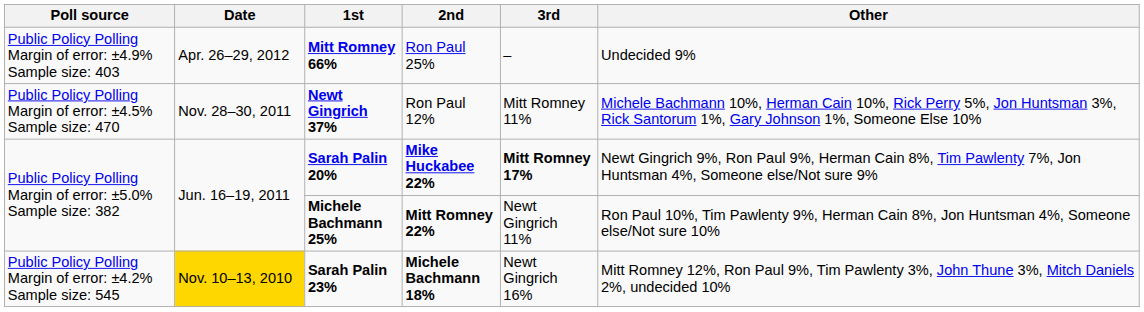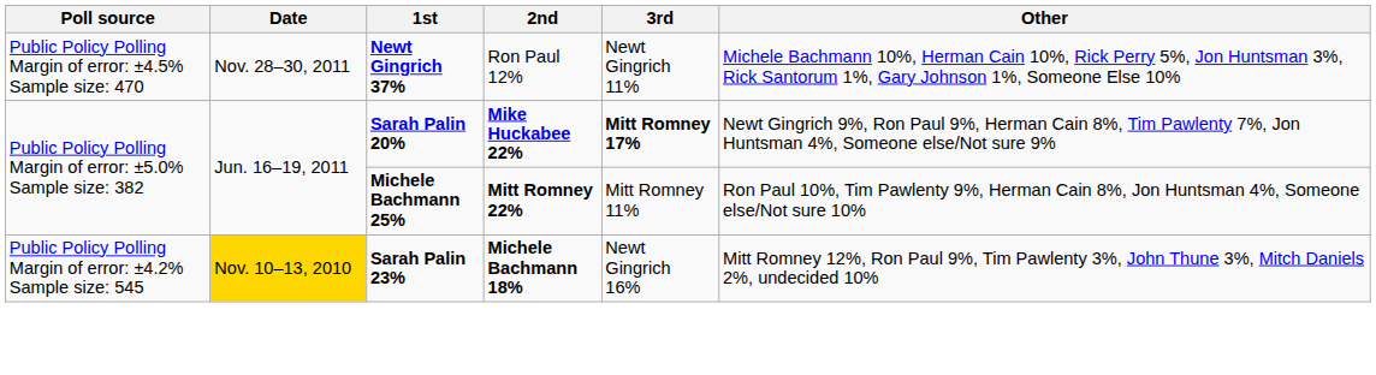 <table class="wikitable">
 <tr>
 <th style="width:180px;">Poll source</th>
 <th style="width:135px;">Date</th>
 <th style="width:100px;">1st</th>
 <th style="width:100px;">2nd</th>
 <th style="width:100px;">3rd</th>
 <th>Other</th>
 </tr>
 <tr>
-<td><a href='#'>Public Policy Polling</a><br>Margin of error: ±4.9% <br>Sample size: 403</td>
-<td>Apr. 26–29, 2012</td>
-<td><strong><a href='#'>Mitt Romney</a><br>66%</strong></td>
-<td><a href='#'>Ron Paul</a><br>25%</td>
-<td>–</td>
-<td>Undecided 9%</td>
-</tr>
-<tr>
 <td><a href='#'>Public Policy Polling</a><br>Margin of error: ±4.5% <br>Sample size: 470</td>
 <td>Nov. 28–30, 2011</td>
 <td><strong><a href='#'>Newt Gingrich</a><br>37%</strong></td>
 <td>Ron Paul<br>12%</td>
-<td>Mitt Romney<br>11%</td>
+<td>Newt Gingrich<br>11%</td>
 <td><a href='#'>Michele Bachmann</a> 10%, <a href='#'>Herman Cain</a> 10%, <a href='#'>Rick Perry</a> 5%, <a href='#'>Jon Huntsman</a> 3%, <a href='#'>Rick Santorum</a> 1%, <a href='#'>Gary Johnson</a> 1%, Someone Else 10%</td>
 </tr>
 <tr>
 <td rowspan=2><a href='#'>Public Policy Polling</a><br>Margin of error: ±5.0% <br>Sample size: 382</td>
 <td rowspan=2>Jun. 16–19, 2011</td>
 <td><strong><a href='#'>Sarah Palin</a><br>20%</strong></td>
 <td><strong><a href='#'>Mike Huckabee</a><br>22%</strong></td>
 <td><strong>Mitt Romney<br>17%</strong></td>
 <td>Newt Gingrich 9%, Ron Paul 9%, Herman Cain 8%, <a href='#'>Tim Pawlenty</a> 7%, Jon Huntsman 4%, Someone else/Not sure 9%</td>
 </tr>
 <tr>
 <td><strong>Michele Bachmann<br>25%</strong></td>
 <td><strong>Mitt Romney<br>22%</strong></td>
-<td>Newt Gingrich<br>11%</td>
+<td>Mitt Romney<br>11%</td>
 <td>Ron Paul 10%, Tim Pawlenty 9%, Herman Cain 8%, Jon Huntsman 4%, Someone else/Not sure 10%</td>
 </tr>
 <tr>
 <td><a href='#'>Public Policy Polling</a><br>Margin of error: ±4.2% <br>Sample size: 545</td>
 <td style="background: gold;">Nov. 10–13, 2010</td>
 <td><strong>Sarah Palin<br>23%</strong></td>
 <td><strong>Michele Bachmann<br>18%</strong></td>
 <td>Newt Gingrich<br>16%</td>
 <td>Mitt Romney 12%, Ron Paul 9%, Tim Pawlenty 3%, <a href='#'>John Thune</a> 3%, <a href='#'>Mitch Daniels</a> 2%, undecided 10%</td>
 </tr>
 </table>
